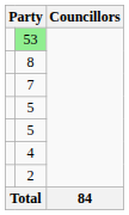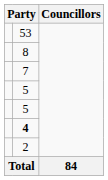 <table class="wikitable">
 <tr>
 <th colspan="2">Party</th>
 <th>Councillors</th>
 </tr>
 <tr>
 <td></td>
-<td align=center style="background: lightgreen;">53</td>
+<td align=center>53</td>
 </tr>
 <tr>
 <td></td>
 <td align=center>8</td>
 </tr>
 <tr>
 <td></td>
 <td align=center>7</td>
 </tr>
 <tr>
 <td></td>
 <td align=center>5</td>
 </tr>
 <tr>
 <td></td>
 <td align=center>5</td>
 </tr>
 <tr>
 <td></td>
-<td align=center>4</td>
+<td align=center><strong>4</strong></td>
 </tr>
 <tr>
 <td></td>
 <td align=center>2</td>
 </tr>
 <tr>
 <th colspan=2>Total</th>
 <th>84</th>
 </tr>
 </table>
